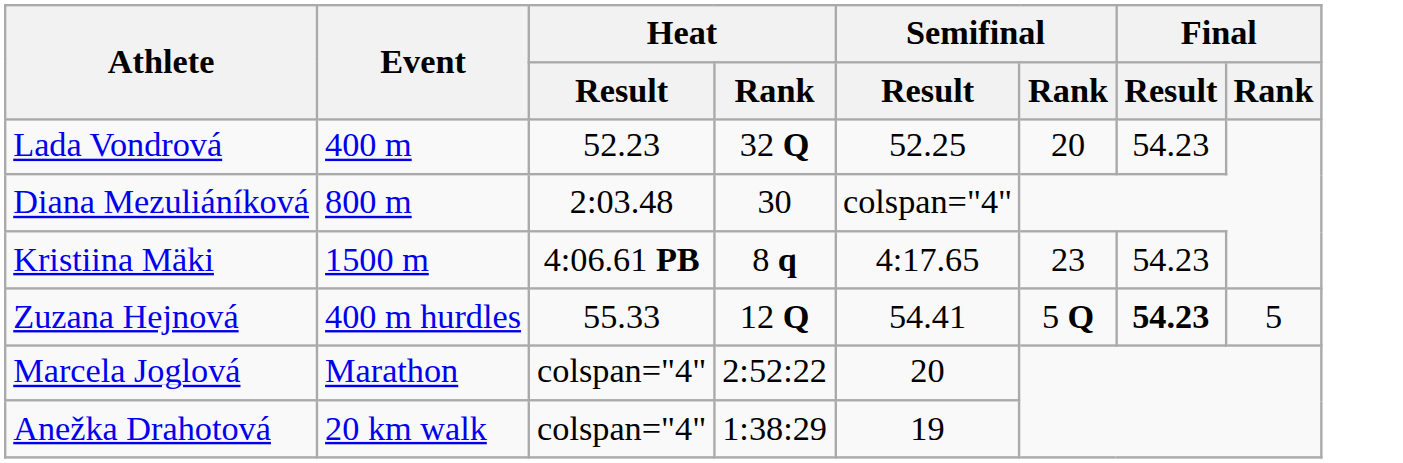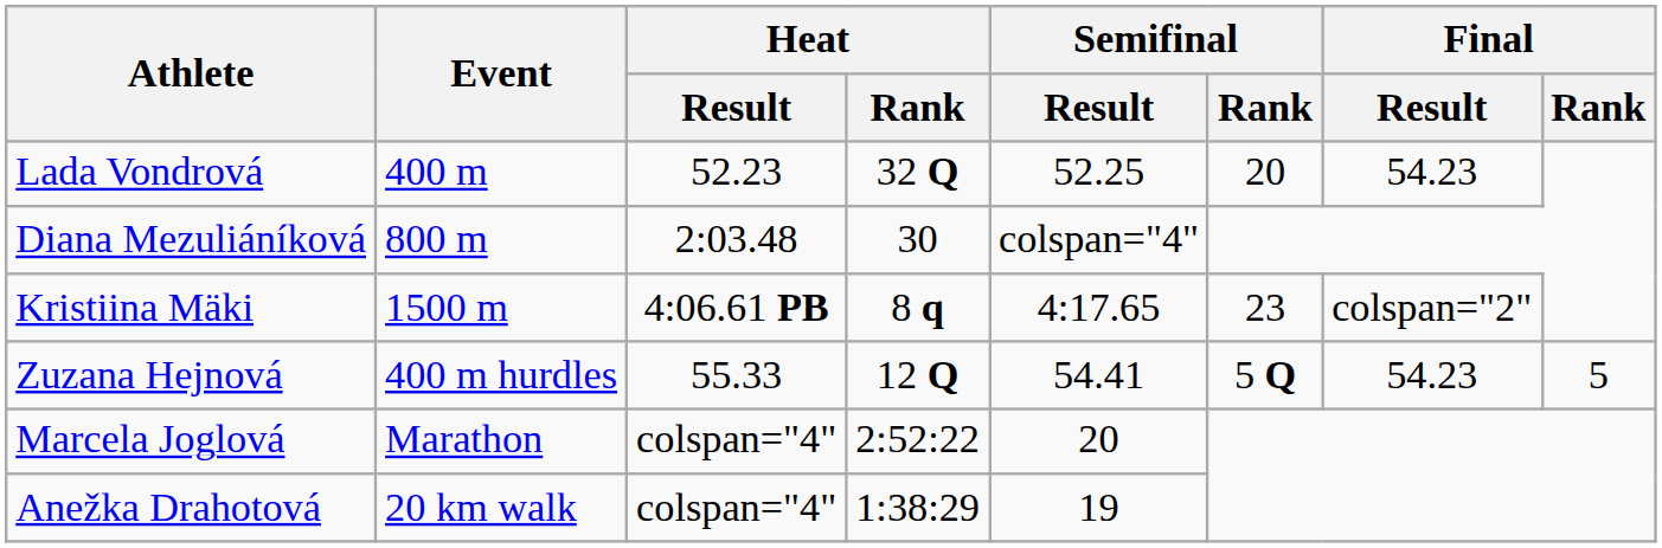 <table class="wikitable" style="font-size:90%">
 <tr>
 <th rowspan="2">Athlete</th>
 <th rowspan="2">Event</th>
 <th colspan="2">Heat</th>
 <th colspan="2">Semifinal</th>
 <th colspan="2">Final</th>
 </tr>
 <tr>
 <th>Result</th>
 <th>Rank</th>
 <th>Result</th>
 <th>Rank</th>
 <th>Result</th>
 <th>Rank</th>
 </tr>
 <tr style=text-align:center>
 <td style=text-align:left><a href='#'>Lada Vondrová</a></td>
 <td style=text-align:left><a href='#'>400 m</a></td>
 <td>52.23</td>
 <td>32 <strong>Q</strong></td>
 <td>52.25</td>
 <td>20</td>
 <td>54.23</td>
 </tr>
 <tr style=text-align:center>
 <td style=text-align:left><a href='#'>Diana Mezuliáníková</a></td>
 <td style=text-align:left><a href='#'>800 m</a></td>
 <td>2:03.48</td>
 <td>30</td>
 <td>colspan="4" </td>
 </tr>
 <tr style=text-align:center>
 <td style=text-align:left><a href='#'>Kristiina Mäki</a></td>
 <td style=text-align:left><a href='#'>1500 m</a></td>
 <td>4:06.61 <strong>PB</strong></td>
 <td>8 <strong>q</strong></td>
 <td>4:17.65</td>
 <td>23</td>
-<td>54.23</td>
+<td>colspan="2" </td>
 </tr>
 <tr style=text-align:center>
 <td style=text-align:left><a href='#'>Zuzana Hejnová</a></td>
 <td style=text-align:left><a href='#'>400 m hurdles</a></td>
 <td>55.33</td>
 <td>12 <strong>Q</strong></td>
 <td>54.41</td>
 <td>5 <strong>Q</strong></td>
-<td><strong>54.23</strong></td>
+<td>54.23</td>
 <td>5</td>
 </tr>
 <tr style=text-align:center>
 <td style=text-align:left><a href='#'>Marcela Joglová</a></td>
 <td style=text-align:left><a href='#'>Marathon</a></td>
 <td>colspan="4" </td>
 <td>2:52:22</td>
 <td>20</td>
 </tr>
 <tr style=text-align:center>
 <td style=text-align:left><a href='#'>Anežka Drahotová</a></td>
 <td style=text-align:left><a href='#'>20 km walk</a></td>
 <td>colspan="4" </td>
 <td>1:38:29</td>
 <td>19</td>
 </tr>
 </table>
